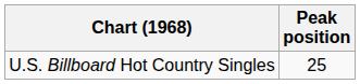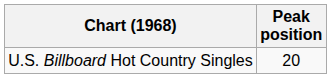 <table class="wikitable">
 <tr>
 <th align="left">Chart (1968)</th>
 <th align="center">Peak<br>position</th>
 </tr>
 <tr>
 <td align="left">U.S. <em>Billboard</em> Hot Country Singles</td>
-<td align="center">25</td>
+<td align="center">20</td>
 </tr>
 <tr>
 </tr>
 </table>
